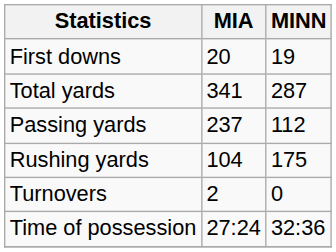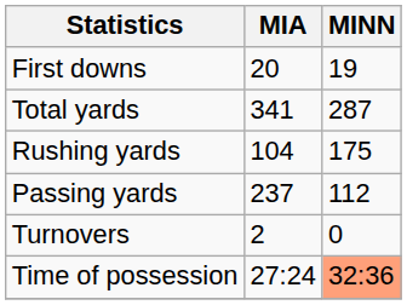 <table class="wikitable">
 <tr>
 <th>Statistics</th>
 <th>MIA</th>
 <th>MINN</th>
 </tr>
 <tr>
 <td>First downs</td>
 <td>20</td>
 <td>19</td>
 </tr>
 <tr>
 <td>Total yards</td>
 <td>341</td>
 <td>287</td>
 </tr>
 <tr>
+<td>Rushing yards</td>
+<td>104</td>
+<td>175</td>
+</tr>
+<tr>
 <td>Passing yards</td>
 <td>237</td>
 <td>112</td>
-</tr>
-<tr>
-<td>Rushing yards</td>
-<td>104</td>
-<td>175</td>
 </tr>
 <tr>
 <td>Turnovers</td>
 <td>2</td>
 <td>0</td>
 </tr>
 <tr>
 <td>Time of possession</td>
 <td>27:24</td>
-<td>32:36</td>
+<td style="background: lightsalmon;">32:36</td>
 </tr>
 <tr>
 </tr>
 </table>
